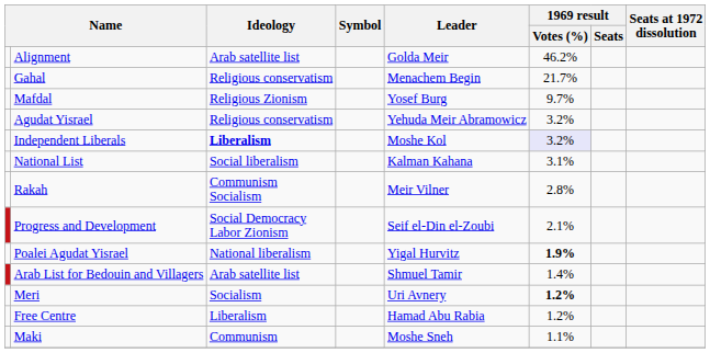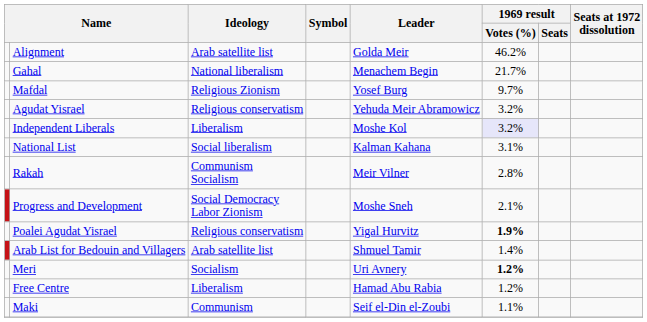 <table class="wikitable">
 <tr>
 <th rowspan="2" colspan=2>Name</th>
 <th rowspan="2">Ideology</th>
 <th rowspan="2">Symbol</th>
 <th rowspan="2">Leader</th>
 <th colspan="2">1969 result</th>
 <th rowspan="2">Seats at 1972<br>dissolution</th>
 </tr>
 <tr>
 <th>Votes (%)</th>
 <th>Seats</th>
 </tr>
 <tr>
 <td style="background:"></td>
 <td><a href='#'>Alignment</a></td>
 <td><a href='#'>Arab satellite list</a></td>
 <td></td>
 <td><a href='#'>Golda Meir</a></td>
 <td style="text-align:center;">46.2%</td>
 <td></td>
 <td></td>
 </tr>
 <tr>
 <td style="background:"></td>
 <td><a href='#'>Gahal</a></td>
-<td><a href='#'>Religious conservatism</a></td>
+<td><a href='#'>National liberalism</a></td>
 <td></td>
 <td><a href='#'>Menachem Begin</a></td>
 <td style="text-align:center;" rowspan=1>21.7%</td>
 <td></td>
 <td></td>
 </tr>
 <tr>
 <td style="background:"></td>
 <td><a href='#'>Mafdal</a></td>
 <td><a href='#'>Religious Zionism</a></td>
 <td></td>
 <td><a href='#'>Yosef Burg</a></td>
 <td style="text-align:center;">9.7%</td>
 <td></td>
 <td></td>
 </tr>
 <tr>
 <td style="background:"></td>
 <td><a href='#'>Agudat Yisrael</a></td>
 <td><a href='#'>Religious conservatism</a></td>
 <td></td>
 <td><a href='#'>Yehuda Meir Abramowicz</a></td>
 <td style="text-align:center;">3.2%</td>
 <td></td>
 <td></td>
 </tr>
 <tr>
 <td style="background:"></td>
 <td><a href='#'>Independent Liberals</a></td>
-<td><strong><a href='#'>Liberalism</a></strong></td>
+<td><a href='#'>Liberalism</a></td>
 <td></td>
 <td><a href='#'>Moshe Kol</a></td>
 <td style="background: lavender; text-align:center;">3.2%</td>
 <td></td>
 <td></td>
 </tr>
 <tr>
 <td style="background:"></td>
 <td><a href='#'>National List</a></td>
 <td><a href='#'>Social liberalism</a></td>
 <td></td>
 <td><a href='#'>Kalman Kahana</a></td>
 <td style="text-align:center;">3.1%</td>
 <td></td>
 <td></td>
 </tr>
 <tr>
 <td style="background:"></td>
 <td><a href='#'>Rakah</a></td>
 <td><a href='#'>Communism</a><br><a href='#'>Socialism</a></td>
 <td></td>
 <td><a href='#'>Meir Vilner</a></td>
 <td style="text-align:center;">2.8%</td>
 <td></td>
 <td></td>
 </tr>
 <tr>
 <td style="background:#C61318;"></td>
 <td><a href='#'>Progress and Development</a></td>
 <td><a href='#'>Social Democracy</a><br><a href='#'>Labor Zionism</a></td>
 <td></td>
-<td><a href='#'>Seif el-Din el-Zoubi</a></td>
+<td><a href='#'>Moshe Sneh</a></td>
 <td style="text-align:center;">2.1%</td>
 <td></td>
 <td></td>
 </tr>
 <tr>
 <td style="background:"></td>
 <td><a href='#'>Poalei Agudat Yisrael</a></td>
-<td><a href='#'>National liberalism</a></td>
+<td><a href='#'>Religious conservatism</a></td>
 <td></td>
 <td><a href='#'>Yigal Hurvitz</a></td>
 <td style="text-align:center;"><strong>1.9%</strong></td>
 <td></td>
 <td></td>
 </tr>
 <tr>
 <td style="background:#C61318;"></td>
 <td><a href='#'>Arab List for Bedouin and Villagers</a></td>
 <td><a href='#'>Arab satellite list</a></td>
 <td></td>
 <td><a href='#'>Shmuel Tamir</a></td>
 <td style="text-align:center;">1.4%</td>
 <td></td>
 <td></td>
 </tr>
 <tr>
 <td style="background:"></td>
 <td><a href='#'>Meri</a></td>
 <td><a href='#'>Socialism</a></td>
 <td></td>
 <td><a href='#'>Uri Avnery</a></td>
 <td style="text-align:center;"><strong>1.2%</strong></td>
 <td></td>
 <td></td>
 </tr>
 <tr>
 <td style="background:"></td>
 <td><a href='#'>Free Centre</a></td>
 <td><a href='#'>Liberalism</a></td>
 <td></td>
 <td><a href='#'>Hamad Abu Rabia</a></td>
 <td style="text-align:center;">1.2%</td>
 <td></td>
 <td></td>
 </tr>
 <tr>
 <td style="background:"></td>
 <td><a href='#'>Maki</a></td>
 <td><a href='#'>Communism</a></td>
 <td></td>
-<td><a href='#'>Moshe Sneh</a></td>
+<td><a href='#'>Seif el-Din el-Zoubi</a></td>
 <td style="text-align:center;">1.1%</td>
 <td></td>
 <td></td>
 </tr>
 <tr>
 </tr>
 </table>
